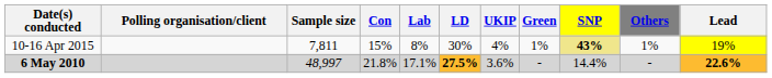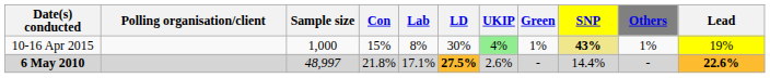 <table class="wikitable sortable" style="text-align:center;font-size:90%;line-height:14px">
 <tr>
 <th ! style="width:100px;">Date(s)<br>conducted</th>
 <th style="width:200px;">Polling organisation/client</th>
 <th class="unsortable" style="width:75px;">Sample size</th>
 <th class="unsortable" style="background:"><a href='#'><span>Con</span></a></th>
 <th class="unsortable" style="background:"><a href='#'><span>Lab</span></a></th>
 <th class="unsortable" style="background:"><a href='#'><span>LD</span></a></th>
 <th class="unsortable" style="background:"><a href='#'><span>UKIP</span></a></th>
 <th class="unsortable" style="background:"><a href='#'><span>Green</span></a></th>
 <th class="unsortable" style="background:#ffff00; width:60px;"><a href='#'><span>SNP</span></a></th>
 <th class="unsortable" style="background:gray; width:60px;"><a href='#'><span>Others</span></a></th>
 <th class="unsortable" style="width:90px;">Lead</th>
 </tr>
 <tr>
 <td>10-16 Apr 2015</td>
 <td> </td>
-<td>7,811</td>
+<td>1,000</td>
 <td>15%</td>
 <td>8%</td>
 <td>30%</td>
-<td>4%</td>
+<td style="background: lightgreen;">4%</td>
 <td>1%</td>
 <td style="background:khaki"><strong>43%</strong></td>
 <td>1%</td>
 <td style="background:#ff0"><span>19% </span></td>
 </tr>
 <tr>
 <td style="background:#D5D5D5"><strong>6 May 2010</strong></td>
 <td style="background:#D5D5D5"></td>
 <td style="background:#D5D5D5"><em>48,997</em></td>
 <td style="background:#D5D5D5">21.8%</td>
 <td style="background:#D5D5D5">17.1%</td>
 <td style="background:#fdbb30"><strong>27.5%</strong></td>
-<td style="background:#D5D5D5">3.6%</td>
+<td style="background:#D5D5D5">2.6%</td>
 <td style="background:#D5D5D5">-</td>
 <td style="background:#D5D5D5">14.4%</td>
 <td style="background:#D5D5D5">-</td>
 <td style="background:#fdbb30"><span><strong>22.6% </strong></span></td>
 </tr>
 </table>
